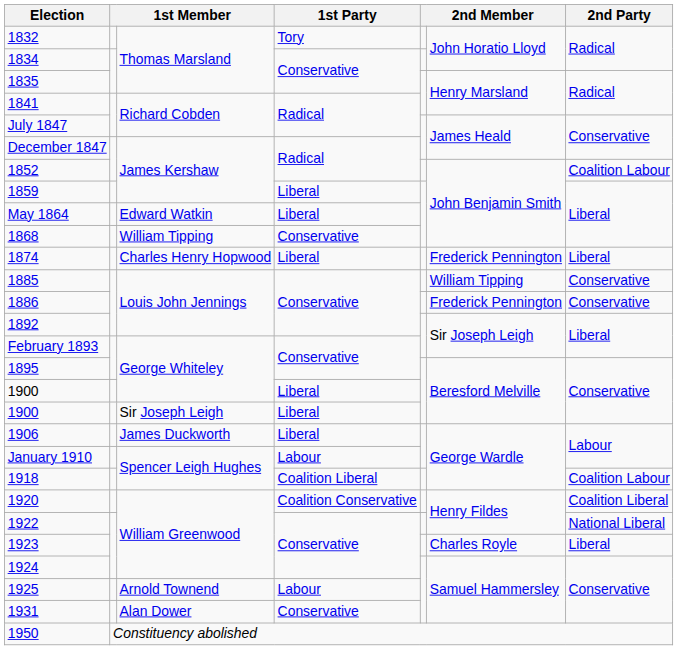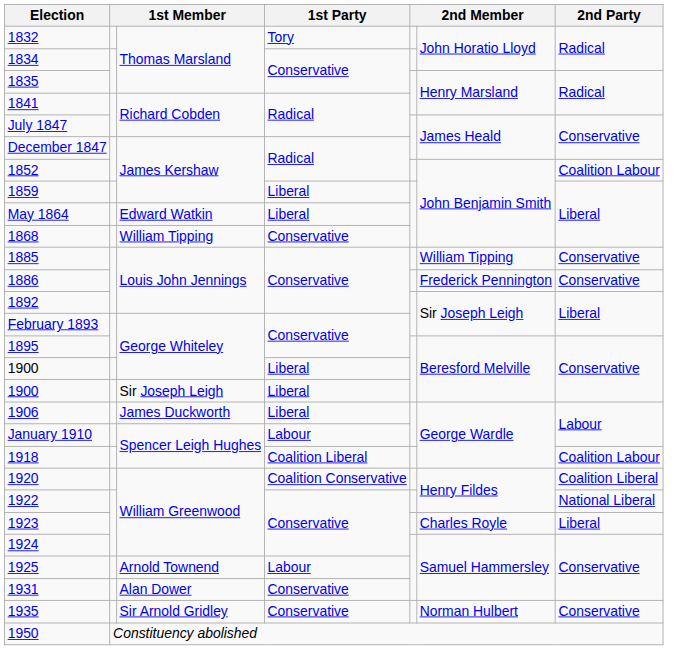 <table class="wikitable">
 <tr>
 <th>Election</th>
 <th colspan="2">1st Member</th>
 <th>1st Party</th>
 <th colspan="2">2nd Member</th>
 <th>2nd Party</th>
 </tr>
 <tr>
 <td><a href='#'>1832</a></td>
 <td style="color:inherit;background-color: "></td>
 <td rowspan="3"><a href='#'>Thomas Marsland</a></td>
 <td><a href='#'>Tory</a>	</td>
 <td style="color:inherit;background-color: "></td>
 <td rowspan="2"><a href='#'>John Horatio Lloyd</a></td>
 <td rowspan="2"><a href='#'>Radical</a> </td>
 </tr>
 <tr>
 <td><a href='#'>1834</a></td>
 <td rowspan="2" style="color:inherit;background-color: "></td>
 <td rowspan="2"><a href='#'>Conservative</a></td>
 </tr>
 <tr>
 <td><a href='#'>1835</a></td>
 <td rowspan="2" style="color:inherit;background-color: "></td>
 <td rowspan="2"><a href='#'>Henry Marsland</a></td>
 <td rowspan="2"><a href='#'>Radical</a></td>
 </tr>
 <tr>
 <td><a href='#'>1841</a></td>
 <td rowspan="2" style="color:inherit;background-color: "></td>
 <td rowspan="2"><a href='#'>Richard Cobden</a></td>
 <td rowspan="2"><a href='#'>Radical</a> </td>
 </tr>
 <tr>
 <td><a href='#'>July 1847</a></td>
 <td rowspan="2" style="color:inherit;background-color: "></td>
 <td rowspan="2"><a href='#'>James Heald</a></td>
 <td rowspan="2"><a href='#'>Conservative</a>	 </td>
 </tr>
 <tr>
 <td><a href='#'>December 1847</a></td>
 <td rowspan="2" style="color:inherit;background-color: "></td>
 <td rowspan="3"><a href='#'>James Kershaw</a></td>
 <td rowspan="2"><a href='#'>Radical</a>	 </td>
 </tr>
 <tr>
 <td><a href='#'>1852</a></td>
 <td rowspan="1" style="color:inherit;background-color: "></td>
 <td rowspan="4"><a href='#'>John Benjamin Smith</a></td>
 <td><a href='#'>Coalition Labour</a></td>
 </tr>
 <tr>
 <td><a href='#'>1859</a></td>
 <td style="color:inherit;background-color: "></td>
 <td><a href='#'>Liberal</a></td>
 <td rowspan="3" style="color:inherit;background-color: "></td>
 <td rowspan="3"><a href='#'>Liberal</a></td>
 </tr>
 <tr>
 <td><a href='#'>May 1864</a></td>
 <td style="color:inherit;background-color: "></td>
 <td><a href='#'>Edward Watkin</a></td>
 <td><a href='#'>Liberal</a>	 </td>
 </tr>
 <tr>
 <td><a href='#'>1868</a></td>
 <td style="color:inherit;background-color: "></td>
 <td><a href='#'>William Tipping</a></td>
 <td><a href='#'>Conservative</a>	 </td>
-</tr>
-<tr>
-<td><a href='#'>1874</a></td>
-<td style="color:inherit;background-color: "></td>
-<td><a href='#'>Charles Henry Hopwood</a></td>
-<td><a href='#'>Liberal</a>	 </td>
-<td style="color:inherit;background-color: "></td>
-<td><a href='#'>Frederick Pennington</a></td>
-<td><a href='#'>Liberal</a>	 </td>
 </tr>
 <tr>
 <td><a href='#'>1885</a></td>
 <td rowspan="3" style="color:inherit;background-color: "></td>
 <td rowspan="3"><a href='#'>Louis John Jennings</a></td>
 <td rowspan="3"><a href='#'>Conservative</a>	 </td>
 <td style="color:inherit;background-color: "></td>
 <td><a href='#'>William Tipping</a></td>
 <td><a href='#'>Conservative</a>	 </td>
 </tr>
 <tr>
 <td><a href='#'>1886</a></td>
 <td style="color:inherit;background-color: "></td>
 <td><a href='#'>Frederick Pennington</a></td>
 <td><a href='#'>Conservative</a>	 </td>
 </tr>
 <tr>
 <td><a href='#'>1892</a></td>
 <td rowspan="2" style="color:inherit;background-color: "></td>
 <td rowspan="2">Sir <a href='#'>Joseph Leigh</a></td>
 <td rowspan="2"><a href='#'>Liberal</a>	 </td>
 </tr>
 <tr>
 <td><a href='#'>February 1893</a></td>
 <td rowspan="2" style="color:inherit;background-color: "></td>
 <td rowspan="3"><a href='#'>George Whiteley</a></td>
 <td rowspan="2"><a href='#'>Conservative</a>	 </td>
 </tr>
 <tr>
 <td><a href='#'>1895</a></td>
 <td rowspan="3" style="color:inherit;background-color: "></td>
 <td rowspan="3"><a href='#'>Beresford Melville</a></td>
 <td rowspan="3"><a href='#'>Conservative</a>	 </td>
 </tr>
 <tr>
 <td>1900</td>
 <td style="color:inherit;background-color: "></td>
 <td><a href='#'>Liberal</a></td>
 </tr>
 <tr>
 <td><a href='#'>1900</a></td>
 <td style="color:inherit;background-color: "></td>
 <td>Sir <a href='#'>Joseph Leigh</a></td>
 <td><a href='#'>Liberal</a>	 </td>
 </tr>
 <tr>
 <td><a href='#'>1906</a></td>
 <td style="color:inherit;background-color: "></td>
 <td><a href='#'>James Duckworth</a></td>
 <td><a href='#'>Liberal</a></td>
 <td rowspan="2" style="color:inherit;background-color: "></td>
 <td rowspan="3"><a href='#'>George Wardle</a></td>
 <td rowspan="2"><a href='#'>Labour</a></td>
 </tr>
 <tr>
 <td><a href='#'>January 1910</a></td>
 <td style="color:inherit;background-color: "></td>
 <td rowspan="2"><a href='#'>Spencer Leigh Hughes</a></td>
 <td><a href='#'>Labour</a></td>
 </tr>
 <tr>
 <td><a href='#'>1918</a></td>
 <td style="color:inherit;background-color: "></td>
 <td><a href='#'>Coalition Liberal</a></td>
 <td style="color:inherit;background-color: "></td>
 <td><a href='#'>Coalition Labour</a></td>
 </tr>
 <tr>
 <td><a href='#'>1920</a></td>
 <td style="color:inherit;background-color: "></td>
 <td rowspan="4"><a href='#'>William Greenwood</a></td>
 <td><a href='#'>Coalition Conservative</a></td>
 <td style="color:inherit;background-color: "></td>
 <td rowspan="2"><a href='#'>Henry Fildes</a></td>
 <td><a href='#'>Coalition Liberal</a></td>
 </tr>
 <tr>
 <td><a href='#'>1922</a></td>
 <td rowspan="3" style="color:inherit;background-color: "></td>
 <td rowspan="3"><a href='#'>Conservative</a> </td>
 <td style="color:inherit;background-color: "></td>
 <td><a href='#'>National Liberal</a> </td>
 </tr>
 <tr>
 <td><a href='#'>1923</a></td>
 <td style="color:inherit;background-color: "></td>
 <td><a href='#'>Charles Royle</a></td>
 <td><a href='#'>Liberal</a></td>
 </tr>
 <tr>
 <td><a href='#'>1924</a></td>
 <td rowspan="3" style="color:inherit;background-color: "></td>
 <td rowspan="3"><a href='#'>Samuel Hammersley</a></td>
 <td rowspan="3"><a href='#'>Conservative</a></td>
 </tr>
 <tr>
 <td><a href='#'>1925</a></td>
 <td style="color:inherit;background-color: "></td>
 <td><a href='#'>Arnold Townend</a></td>
 <td><a href='#'>Labour</a></td>
 </tr>
 <tr>
 <td><a href='#'>1931</a></td>
 <td style="color:inherit;background-color: "></td>
 <td><a href='#'>Alan Dower</a></td>
 <td><a href='#'>Conservative</a></td>
 </tr>
 <tr>
+<td><a href='#'>1935</a></td>
+<td style="color:inherit;background-color: "></td>
+<td><a href='#'>Sir Arnold Gridley</a></td>
+<td><a href='#'>Conservative</a></td>
+<td style="color:inherit;background-color: "></td>
+<td><a href='#'>Norman Hulbert</a></td>
+<td><a href='#'>Conservative</a></td>
+</tr>
+<tr>
 <td><a href='#'>1950</a></td>
 <td colspan="6"><em>Constituency abolished</em></td>
 </tr>
 </table>
